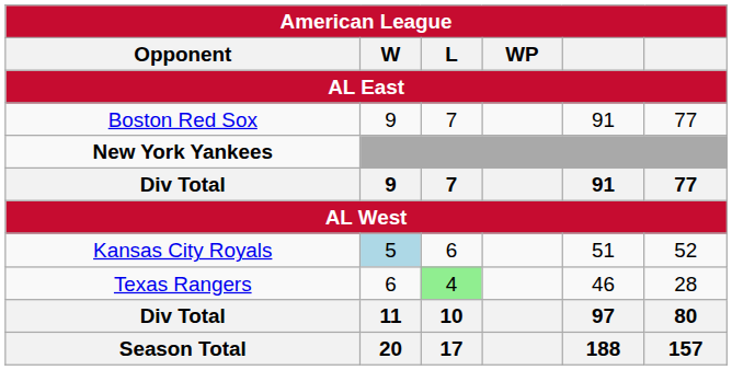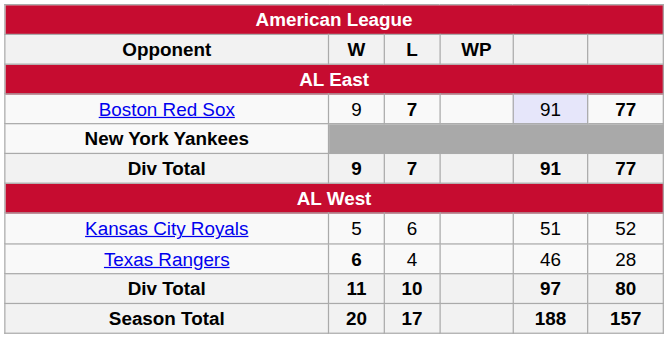 <table class="wikitable" style="margin:1em auto; font-size:95%; text-align:center; width:35em;">
 <tr>
 <th colspan="7" style="background:#c60c30; color:#ffffff;">American League</th>
 </tr>
 <tr>
 <th>Opponent</th>
 <th>W</th>
 <th>L</th>
 <th>WP</th>
 <th></th>
 <th></th>
 </tr>
 <tr>
 <th colspan="7" style="background:#c60c30; color:#ffffff;">AL East</th>
 </tr>
 <tr>
 <td><a href='#'>Boston Red Sox</a></td>
 <td>9</td>
-<td>7</td>
+<td><strong>7</strong></td>
 <td></td>
-<td>91</td>
-<td>77</td>
+<td style="background: lavender;">91</td>
+<td><strong>77</strong></td>
 </tr>
 <tr>
 <td><strong>New York Yankees</strong></td>
 <td colspan=5 style="background:darkgray;"></td>
 </tr>
 <tr>
 <th>Div Total</th>
 <th>9</th>
 <th>7</th>
 <th></th>
 <th>91</th>
 <th>77</th>
 </tr>
 <tr>
 <th colspan="7" style="background:#c60c30; color:#ffffff;">AL West</th>
 </tr>
 <tr>
 <td><a href='#'>Kansas City Royals</a></td>
-<td style="background: lightblue;">5</td>
+<td>5</td>
 <td>6</td>
 <td></td>
 <td>51</td>
 <td>52</td>
 </tr>
 <tr>
 <td><a href='#'>Texas Rangers</a></td>
-<td>6</td>
-<td style="background: lightgreen;">4</td>
+<td><strong>6</strong></td>
+<td>4</td>
 <td></td>
 <td>46</td>
 <td>28</td>
 </tr>
 <tr>
 <th>Div Total</th>
 <th>11</th>
 <th>10</th>
 <th></th>
 <th>97</th>
 <th>80</th>
 </tr>
 <tr>
 <th>Season Total</th>
 <th>20</th>
 <th>17</th>
 <th></th>
 <th>188</th>
 <th>157</th>
 </tr>
 </table>
